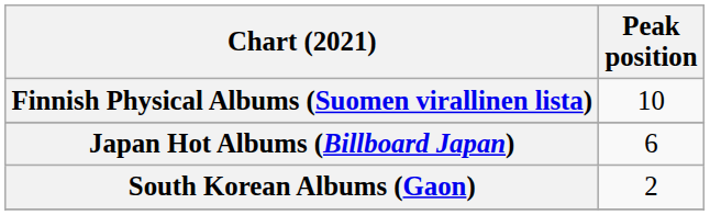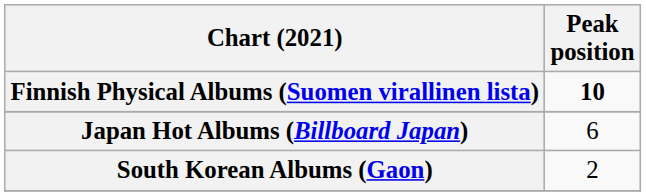 <table class="wikitable sortable plainrowheaders" style="text-align:center">
 <tr>
 <th scope="col">Chart (2021)</th>
 <th scope="col">Peak<br>position</th>
 </tr>
 <tr>
 <th scope="row">Finnish Physical Albums (<a href='#'>Suomen virallinen lista</a>)</th>
-<td>10</td>
+<td><strong>10</strong></td>
 </tr>
 <tr>
 </tr>
 <tr>
 <th scope="row">Japan Hot Albums (<em><a href='#'>Billboard Japan</a></em>)</th>
 <td>6</td>
 </tr>
 <tr>
 <th scope="row">South Korean Albums (<a href='#'>Gaon</a>)</th>
 <td>2</td>
 </tr>
 <tr>
 </tr>
 <tr>
 </tr>
 </table>
